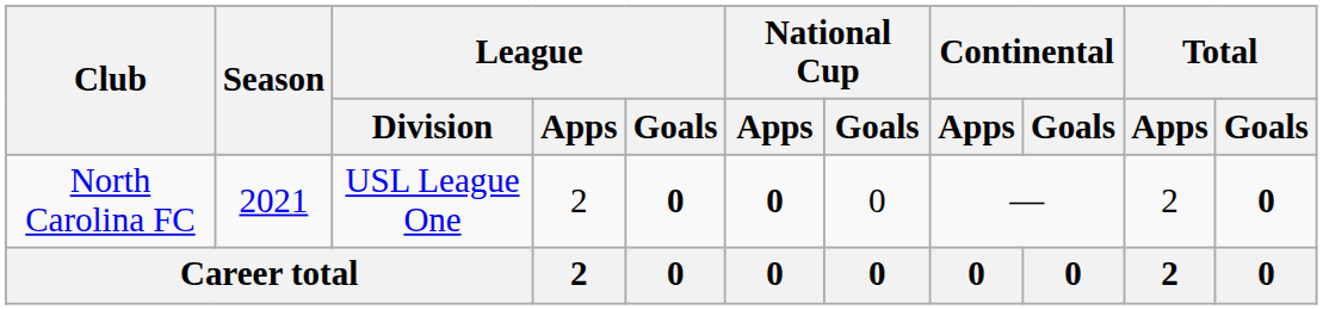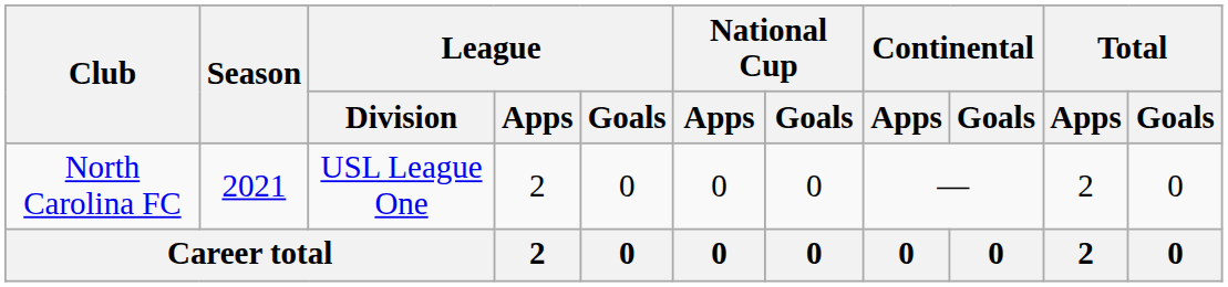 <table class=wikitable style=text-align:center>
 <tr>
 <th rowspan=2>Club</th>
 <th rowspan=2>Season</th>
 <th colspan=3>League</th>
 <th colspan=2>National Cup</th>
 <th colspan=2>Continental</th>
 <th colspan=2>Total</th>
 </tr>
 <tr>
 <th>Division</th>
 <th>Apps</th>
 <th>Goals</th>
 <th>Apps</th>
 <th>Goals</th>
 <th>Apps</th>
 <th>Goals</th>
 <th>Apps</th>
 <th>Goals</th>
 </tr>
 <tr>
 <td rowspan=1><a href='#'>North Carolina FC</a></td>
 <td><a href='#'>2021</a></td>
 <td><a href='#'>USL League One</a></td>
 <td>2</td>
-<td><strong>0</strong></td>
-<td><strong>0</strong></td>
+<td>0</td>
+<td>0</td>
 <td>0</td>
 <td colspan=2>—</td>
 <td>2</td>
-<td><strong>0</strong></td>
+<td>0</td>
 </tr>
 <tr>
 <th colspan=3>Career total</th>
 <th>2</th>
 <th>0</th>
 <th>0</th>
 <th>0</th>
 <th>0</th>
 <th>0</th>
 <th>2</th>
 <th>0</th>
 </tr>
 </table>
